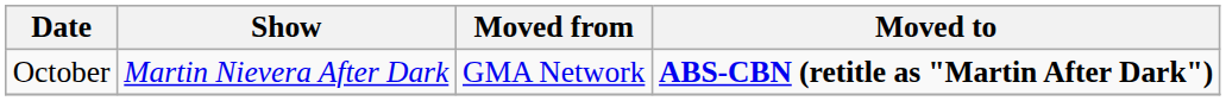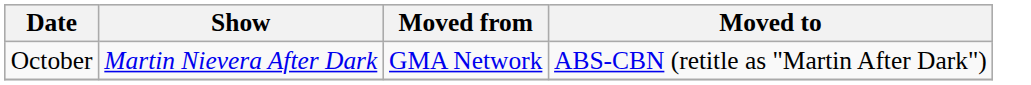 <table class="wikitable" style="text-align:left; line-height:16px; width:auto;">
 <tr>
 <th>Date</th>
 <th>Show</th>
 <th>Moved from</th>
 <th>Moved to</th>
 </tr>
 <tr>
 <td>October</td>
 <td><em><a href='#'>Martin Nievera After Dark</a></em></td>
 <td><a href='#'>GMA Network</a></td>
-<td><strong><a href='#'>ABS-CBN</a> (retitle as "Martin After Dark")</strong></td>
+<td><a href='#'>ABS-CBN</a> (retitle as "Martin After Dark")</td>
 </tr>
 <tr>
 </tr>
 </table>
